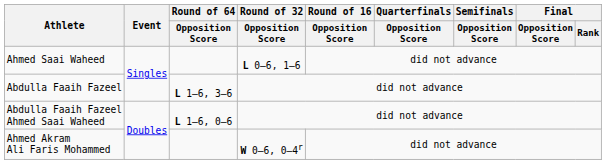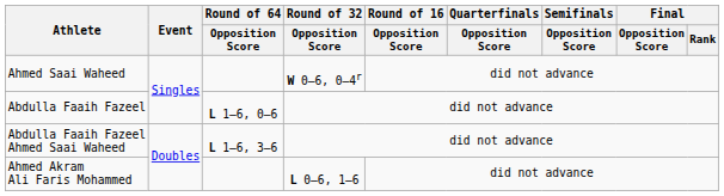 <table class=wikitable style="font-size:90%; text-align:center;">
 <tr>
 <th rowspan="2">Athlete</th>
 <th rowspan="2">Event</th>
 <th>Round of 64</th>
 <th>Round of 32</th>
 <th>Round of 16</th>
 <th>Quarterfinals</th>
 <th>Semifinals</th>
 <th colspan=2>Final</th>
 </tr>
 <tr style="font-size:95%">
 <th>Opposition<br>Score</th>
 <th>Opposition<br>Score</th>
 <th>Opposition<br>Score</th>
 <th>Opposition<br>Score</th>
 <th>Opposition<br>Score</th>
 <th>Opposition<br>Score</th>
 <th>Rank</th>
 </tr>
 <tr>
 <td align=left>Ahmed Saai Waheed</td>
 <td align=left rowspan=2><a href='#'>Singles</a></td>
 <td></td>
-<td><br><strong>L</strong> 0–6, 1–6</td>
+<td><br><strong>W</strong> 0–6, 0–4<sup>r</sup></td>
 <td colspan=5>did not advance</td>
 </tr>
 <tr>
 <td align=left>Abdulla Faaih Fazeel</td>
-<td><br><strong>L</strong> 1–6, 3–6</td>
+<td><br><strong>L</strong> 1–6, 0–6</td>
 <td colspan=6>did not advance</td>
 </tr>
 <tr>
 <td align=left>Abdulla Faaih Fazeel<br>Ahmed Saai Waheed</td>
 <td align=left rowspan=2><a href='#'>Doubles</a></td>
-<td><br><strong>L</strong> 1–6, 0–6</td>
+<td><br><strong>L</strong> 1–6, 3–6</td>
 <td colspan=6>did not advance</td>
 </tr>
 <tr>
 <td align=left>Ahmed Akram<br>Ali Faris Mohammed</td>
 <td></td>
-<td><br><strong>W</strong> 0–6, 0–4<sup>r</sup></td>
+<td><br><strong>L</strong> 0–6, 1–6</td>
 <td colspan=5>did not advance</td>
 </tr>
 </table>
